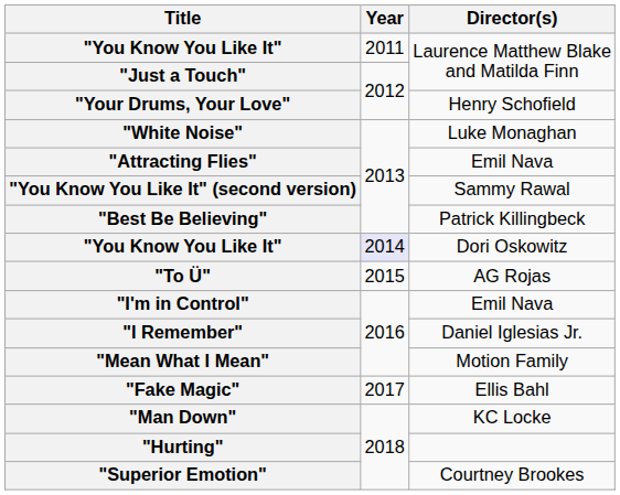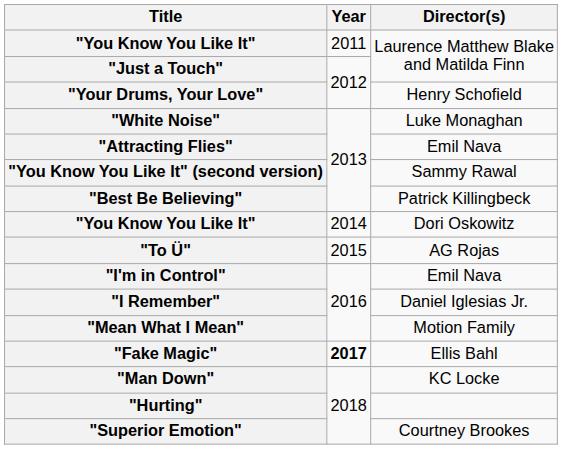 <table class="wikitable plainrowheaders" style="text-align:center;">
 <tr>
 <th scope="col">Title</th>
 <th scope="col">Year</th>
 <th scope="col">Director(s)</th>
 </tr>
 <tr>
 <th scope="row">"You Know You Like It"</th>
 <td>2011</td>
 <td rowspan="2">Laurence Matthew Blake<br>and Matilda Finn</td>
 </tr>
 <tr>
 <th scope="row">"Just a Touch"</th>
 <td rowspan="2">2012</td>
 </tr>
 <tr>
 <th scope="row">"Your Drums, Your Love"</th>
 <td>Henry Schofield</td>
 </tr>
 <tr>
 <th scope="row">"White Noise" <br> </th>
 <td rowspan="4">2013</td>
 <td>Luke Monaghan</td>
 </tr>
 <tr>
 <th scope="row">"Attracting Flies"</th>
 <td>Emil Nava</td>
 </tr>
 <tr>
 <th scope="row">"You Know You Like It" (second version)</th>
 <td>Sammy Rawal</td>
 </tr>
 <tr>
 <th scope="row">"Best Be Believing"</th>
 <td>Patrick Killingbeck</td>
 </tr>
 <tr>
 <th scope="row">"You Know You Like It" <br> </th>
-<td style="background: lavender;">2014</td>
+<td>2014</td>
 <td>Dori Oskowitz</td>
 </tr>
 <tr>
 <th scope="row">"To Ü" <br> </th>
 <td>2015</td>
 <td>AG Rojas</td>
 </tr>
 <tr>
 <th scope="row">"I'm in Control" <br> </th>
 <td rowspan="3">2016</td>
 <td>Emil Nava</td>
 </tr>
 <tr>
 <th scope="row">"I Remember"</th>
 <td>Daniel Iglesias Jr.</td>
 </tr>
 <tr>
 <th scope="row">"Mean What I Mean" <br> </th>
 <td>Motion Family</td>
 </tr>
 <tr>
 <th scope="row">"Fake Magic" <br> </th>
-<td>2017</td>
+<td><strong>2017</strong></td>
 <td>Ellis Bahl</td>
 </tr>
 <tr>
 <th scope="row">"Man Down" <br> </th>
 <td rowspan="3">2018</td>
 <td>KC Locke</td>
 </tr>
 <tr>
 <th scope="row">"Hurting" <br> </th>
 <td></td>
 </tr>
 <tr>
 <th scope="row">"Superior Emotion" <br> </th>
 <td>Courtney Brookes</td>
 </tr>
 </table>
